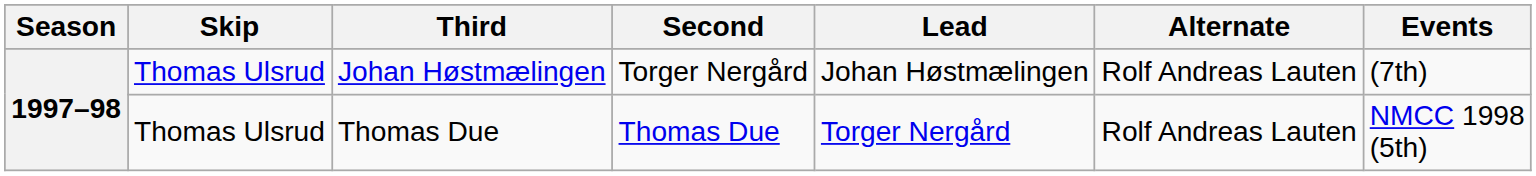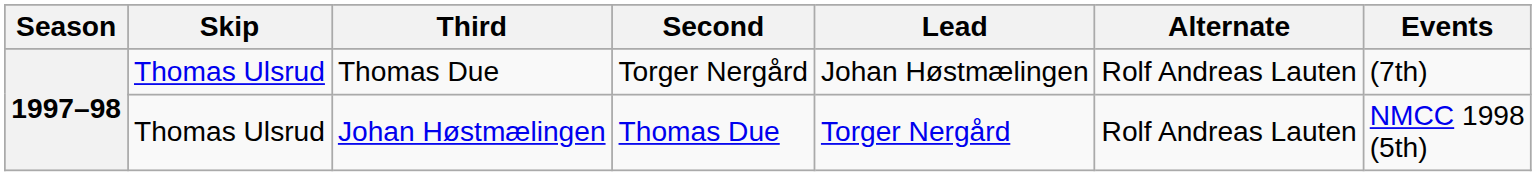 <table class="wikitable">
 <tr>
 <th scope="col">Season</th>
 <th scope="col">Skip</th>
 <th scope="col">Third</th>
 <th scope="col">Second</th>
 <th scope="col">Lead</th>
 <th scope="col">Alternate</th>
 <th scope="col">Events</th>
 </tr>
 <tr>
 <th scope="row" rowspan=2>1997–98</th>
 <td><a href='#'>Thomas Ulsrud</a></td>
-<td><a href='#'>Johan Høstmælingen</a></td>
+<td>Thomas Due</td>
 <td>Torger Nergård</td>
 <td>Johan Høstmælingen</td>
 <td>Rolf Andreas Lauten</td>
 <td> (7th)</td>
 </tr>
 <tr>
 <td>Thomas Ulsrud</td>
-<td>Thomas Due</td>
+<td><a href='#'>Johan Høstmælingen</a></td>
 <td><a href='#'>Thomas Due</a></td>
 <td><a href='#'>Torger Nergård</a></td>
 <td>Rolf Andreas Lauten</td>
 <td><a href='#'>NMCC</a> 1998 <br> (5th)</td>
 </tr>
 </table>
